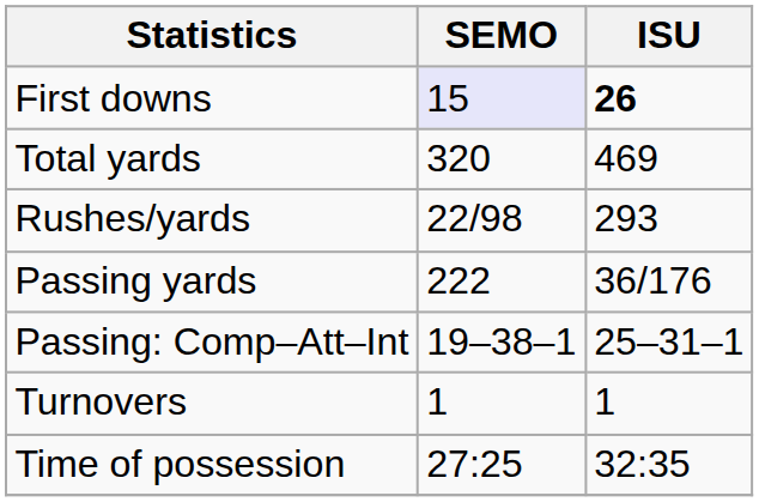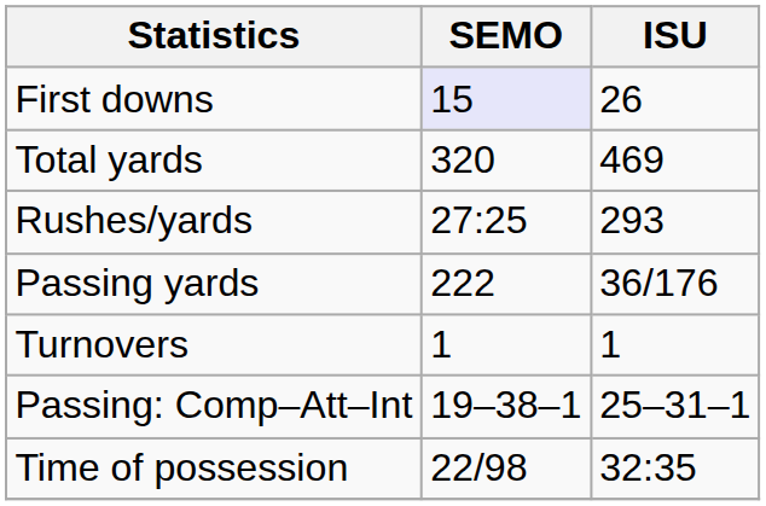 <table class="wikitable" style="float: left;">
 <tr>
 <th>Statistics</th>
 <th>SEMO</th>
 <th>ISU</th>
 </tr>
 <tr>
 <td>First downs</td>
 <td style="background: lavender;">15</td>
-<td><strong>26</strong></td>
+<td>26</td>
 </tr>
 <tr>
 <td>Total yards</td>
 <td>320</td>
 <td>469</td>
 </tr>
 <tr>
 <td>Rushes/yards</td>
-<td>22/98</td>
+<td>27:25</td>
 <td>293</td>
 </tr>
 <tr>
 <td>Passing yards</td>
 <td>222</td>
 <td>36/176</td>
 </tr>
 <tr>
+<td>Turnovers</td>
+<td>1</td>
+<td>1</td>
+</tr>
+<tr>
 <td>Passing: Comp–Att–Int</td>
 <td>19–38–1</td>
 <td>25–31–1</td>
 </tr>
 <tr>
-<td>Turnovers</td>
-<td>1</td>
-<td>1</td>
-</tr>
-<tr>
 <td>Time of possession</td>
-<td>27:25</td>
+<td>22/98</td>
 <td>32:35</td>
 </tr>
 <tr>
 </tr>
 </table>
